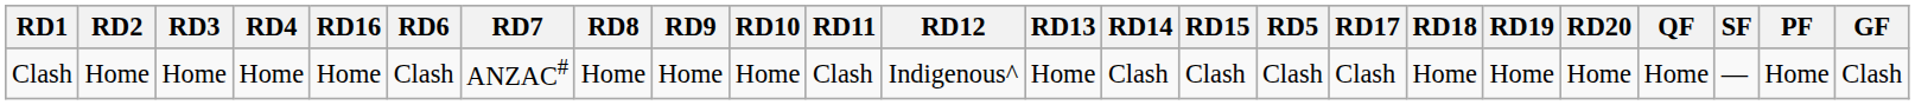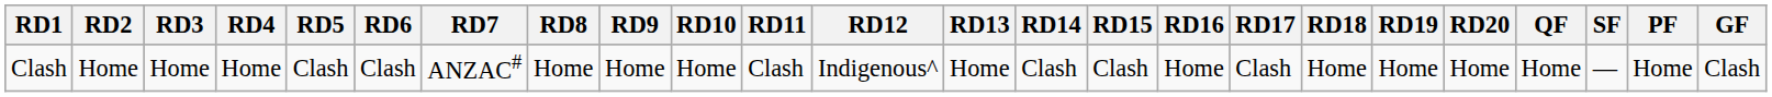 <table class="wikitable" style="font-size:85%; width:40%;">
 <tr>
 <th>RD1</th>
 <th>RD2</th>
 <th>RD3</th>
 <th>RD4</th>
-<th>RD16</th>
+<th>RD5</th>
 <th>RD6</th>
 <th>RD7</th>
 <th>RD8</th>
 <th>RD9</th>
 <th>RD10</th>
 <th>RD11</th>
 <th>RD12</th>
 <th>RD13</th>
 <th>RD14</th>
 <th>RD15</th>
-<th>RD5</th>
+<th>RD16</th>
 <th>RD17</th>
 <th>RD18</th>
 <th>RD19</th>
 <th>RD20</th>
 <th>QF</th>
 <th>SF</th>
 <th>PF</th>
 <th>GF</th>
 </tr>
 <tr>
 <td>Clash</td>
 <td>Home</td>
 <td>Home</td>
 <td>Home</td>
-<td>Home</td>
+<td>Clash</td>
 <td>Clash</td>
 <td>ANZAC<sup>#</sup></td>
 <td>Home</td>
 <td>Home</td>
 <td>Home</td>
 <td>Clash</td>
 <td>Indigenous^</td>
 <td>Home</td>
 <td>Clash</td>
 <td>Clash</td>
-<td>Clash</td>
+<td>Home</td>
 <td>Clash</td>
 <td>Home</td>
 <td>Home</td>
 <td>Home</td>
 <td>Home</td>
 <td>—</td>
 <td>Home</td>
 <td>Clash</td>
 </tr>
 </table>
